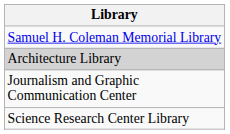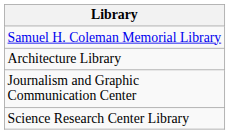 <table class="wikitable sortable">
 <tr>
 <th>Library</th>
 </tr>
 <tr valign="top">
 <td><a href='#'>Samuel H. Coleman Memorial Library</a></td>
 </tr>
 <tr valign="top">
-<td style="background: lightgrey;">Architecture Library</td>
+<td>Architecture Library</td>
 </tr>
 <tr valign="top">
 <td>Journalism and Graphic <br>Communication Center</td>
 </tr>
 <tr valign="top">
 <td>Science Research Center Library</td>
 </tr>
 </table>
